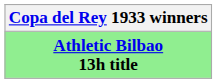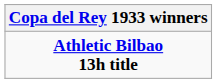 <table class="wikitable" style="text-align: center; margin: 0 auto;">
 <tr>
 <th><a href='#'>Copa del Rey</a> 1933 winners</th>
 </tr>
 <tr>
-<td style="background: lightgreen;"><strong><a href='#'>Athletic Bilbao</a></strong><br><strong>13h title</strong></td>
+<td><strong><a href='#'>Athletic Bilbao</a></strong><br><strong>13h title</strong></td>
 </tr>
 </table>
